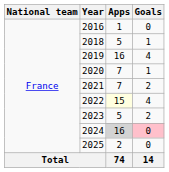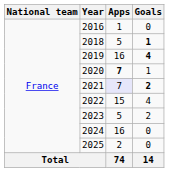 <table class="wikitable" style="text-align:center">
 <tr>
 <th>National team</th>
 <th>Year</th>
 <th>Apps</th>
 <th>Goals</th>
 </tr>
 <tr>
 <td rowspan="9"><a href='#'>France</a></td>
 <td>2016</td>
 <td>1</td>
 <td>0</td>
 </tr>
 <tr>
 <td>2018</td>
 <td>5</td>
-<td>1</td>
+<td><strong>1</strong></td>
 </tr>
 <tr>
 <td>2019</td>
 <td>16</td>
-<td>4</td>
+<td><strong>4</strong></td>
 </tr>
 <tr>
 <td>2020</td>
-<td>7</td>
+<td><strong>7</strong></td>
 <td>1</td>
 </tr>
 <tr>
 <td>2021</td>
-<td>7</td>
-<td>2</td>
+<td style="background: lavender;">7</td>
+<td><strong>2</strong></td>
 </tr>
 <tr>
 <td>2022</td>
-<td style="background: lightyellow;">15</td>
+<td>15</td>
 <td>4</td>
 </tr>
 <tr>
 <td>2023</td>
 <td>5</td>
 <td>2</td>
 </tr>
 <tr>
 <td>2024</td>
-<td style="background: lightgrey;">16</td>
-<td style="background: pink;">0</td>
+<td>16</td>
+<td>0</td>
 </tr>
 <tr>
 <td>2025</td>
 <td>2</td>
 <td>0</td>
 </tr>
 <tr>
 <th colspan="2">Total</th>
 <th>74</th>
 <th>14</th>
 </tr>
 </table>
